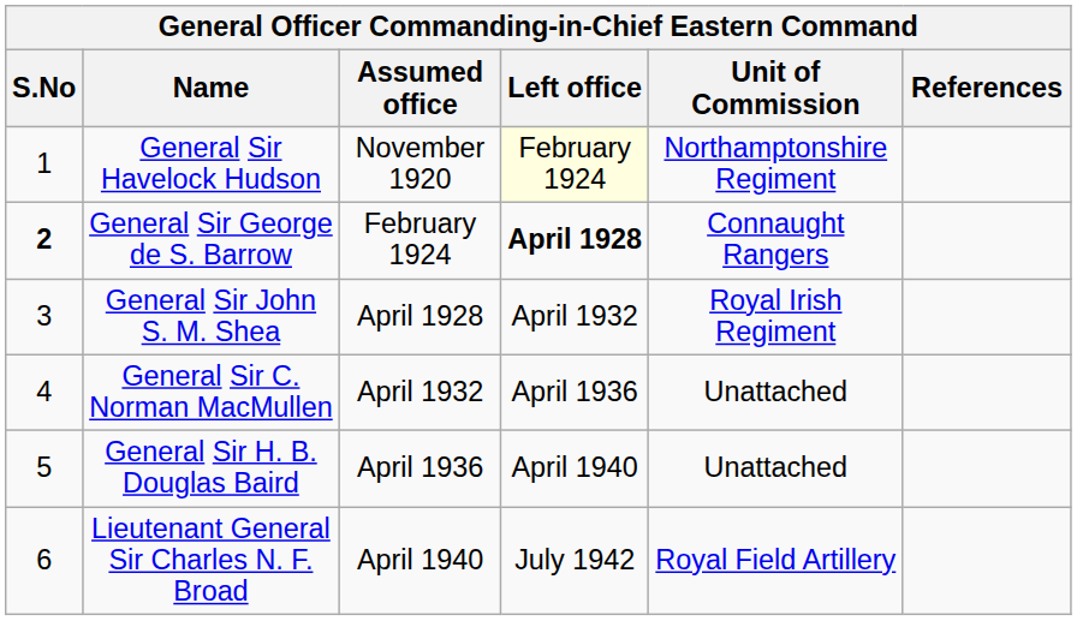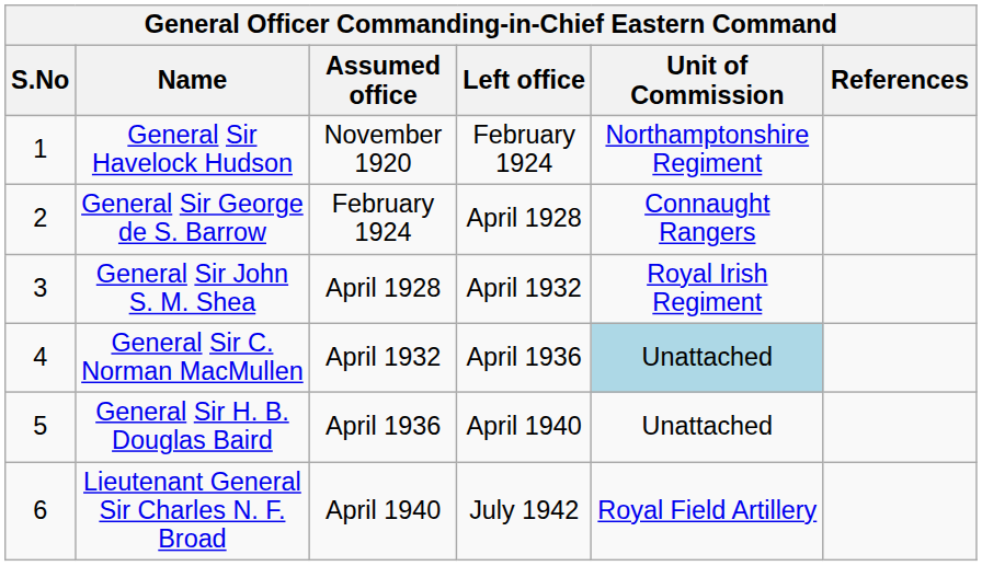 <table class="wikitable sortable" style="text-align:center">
 <tr>
 <th colspan="6"><strong>General Officer Commanding-in-Chief Eastern Command</strong></th>
 </tr>
 <tr style="background:#cccccc">
 <th scope="col" style="width: 20px;">S.No</th>
 <th scope="col" style="width: 500px;">Name</th>
 <th scope="col" style="width: 150px;">Assumed office</th>
 <th scope="col" style="width: 150px;">Left office</th>
 <th scope="col" style="width: 200px;">Unit of Commission</th>
 <th scope="col" style="width: 100px;">References</th>
 </tr>
 <tr>
 <td>1</td>
 <td><a href='#'>General</a> <a href='#'>Sir Havelock Hudson</a> </td>
 <td>November 1920</td>
-<td style="background: lightyellow;">February 1924</td>
+<td>February 1924</td>
 <td><a href='#'>Northamptonshire Regiment</a></td>
 <td></td>
 </tr>
 <tr>
-<td><strong>2</strong></td>
+<td>2</td>
 <td><a href='#'>General</a> <a href='#'>Sir George de S. Barrow</a> </td>
 <td>February 1924</td>
-<td><strong>April 1928</strong></td>
+<td>April 1928</td>
 <td><a href='#'>Connaught Rangers</a></td>
 <td></td>
 </tr>
 <tr>
 <td>3</td>
 <td><a href='#'>General</a> <a href='#'>Sir John S. M. Shea</a> </td>
 <td>April 1928</td>
 <td>April 1932</td>
 <td><a href='#'>Royal Irish Regiment</a></td>
 <td></td>
 </tr>
 <tr>
 <td>4</td>
 <td><a href='#'>General</a> <a href='#'>Sir C. Norman MacMullen</a> </td>
 <td>April 1932</td>
 <td>April 1936</td>
-<td>Unattached</td>
+<td style="background: lightblue;">Unattached</td>
 <td></td>
 </tr>
 <tr>
 <td>5</td>
 <td><a href='#'>General</a> <a href='#'>Sir H. B. Douglas Baird</a> </td>
 <td>April 1936</td>
 <td>April 1940</td>
 <td>Unattached</td>
 <td></td>
 </tr>
 <tr>
 <td>6</td>
 <td><a href='#'>Lieutenant General</a> <a href='#'>Sir Charles N. F. Broad</a> </td>
 <td>April 1940</td>
 <td>July 1942</td>
 <td><a href='#'>Royal Field Artillery</a></td>
 <td></td>
 </tr>
 </table>
